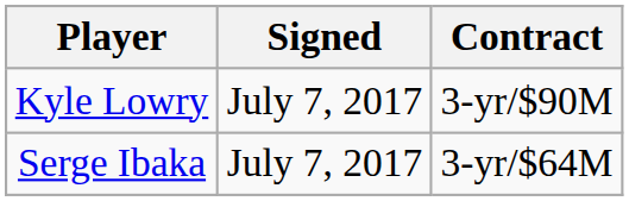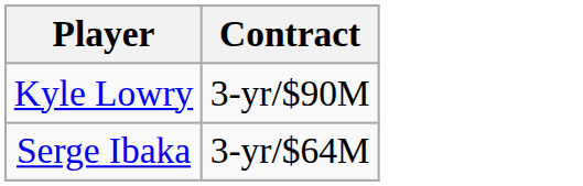 <table class="wikitable sortable sortable" style="text-align: center;">
 <tr>
 <th>Player</th>
-<th>Signed</th>
 <th>Contract</th>
 </tr>
 <tr>
 <td><a href='#'>Kyle Lowry</a></td>
-<td>July 7, 2017</td>
 <td>3-yr/$90M</td>
 </tr>
 <tr>
 <td><a href='#'>Serge Ibaka</a></td>
-<td>July 7, 2017</td>
 <td>3-yr/$64M</td>
 </tr>
 </table>
